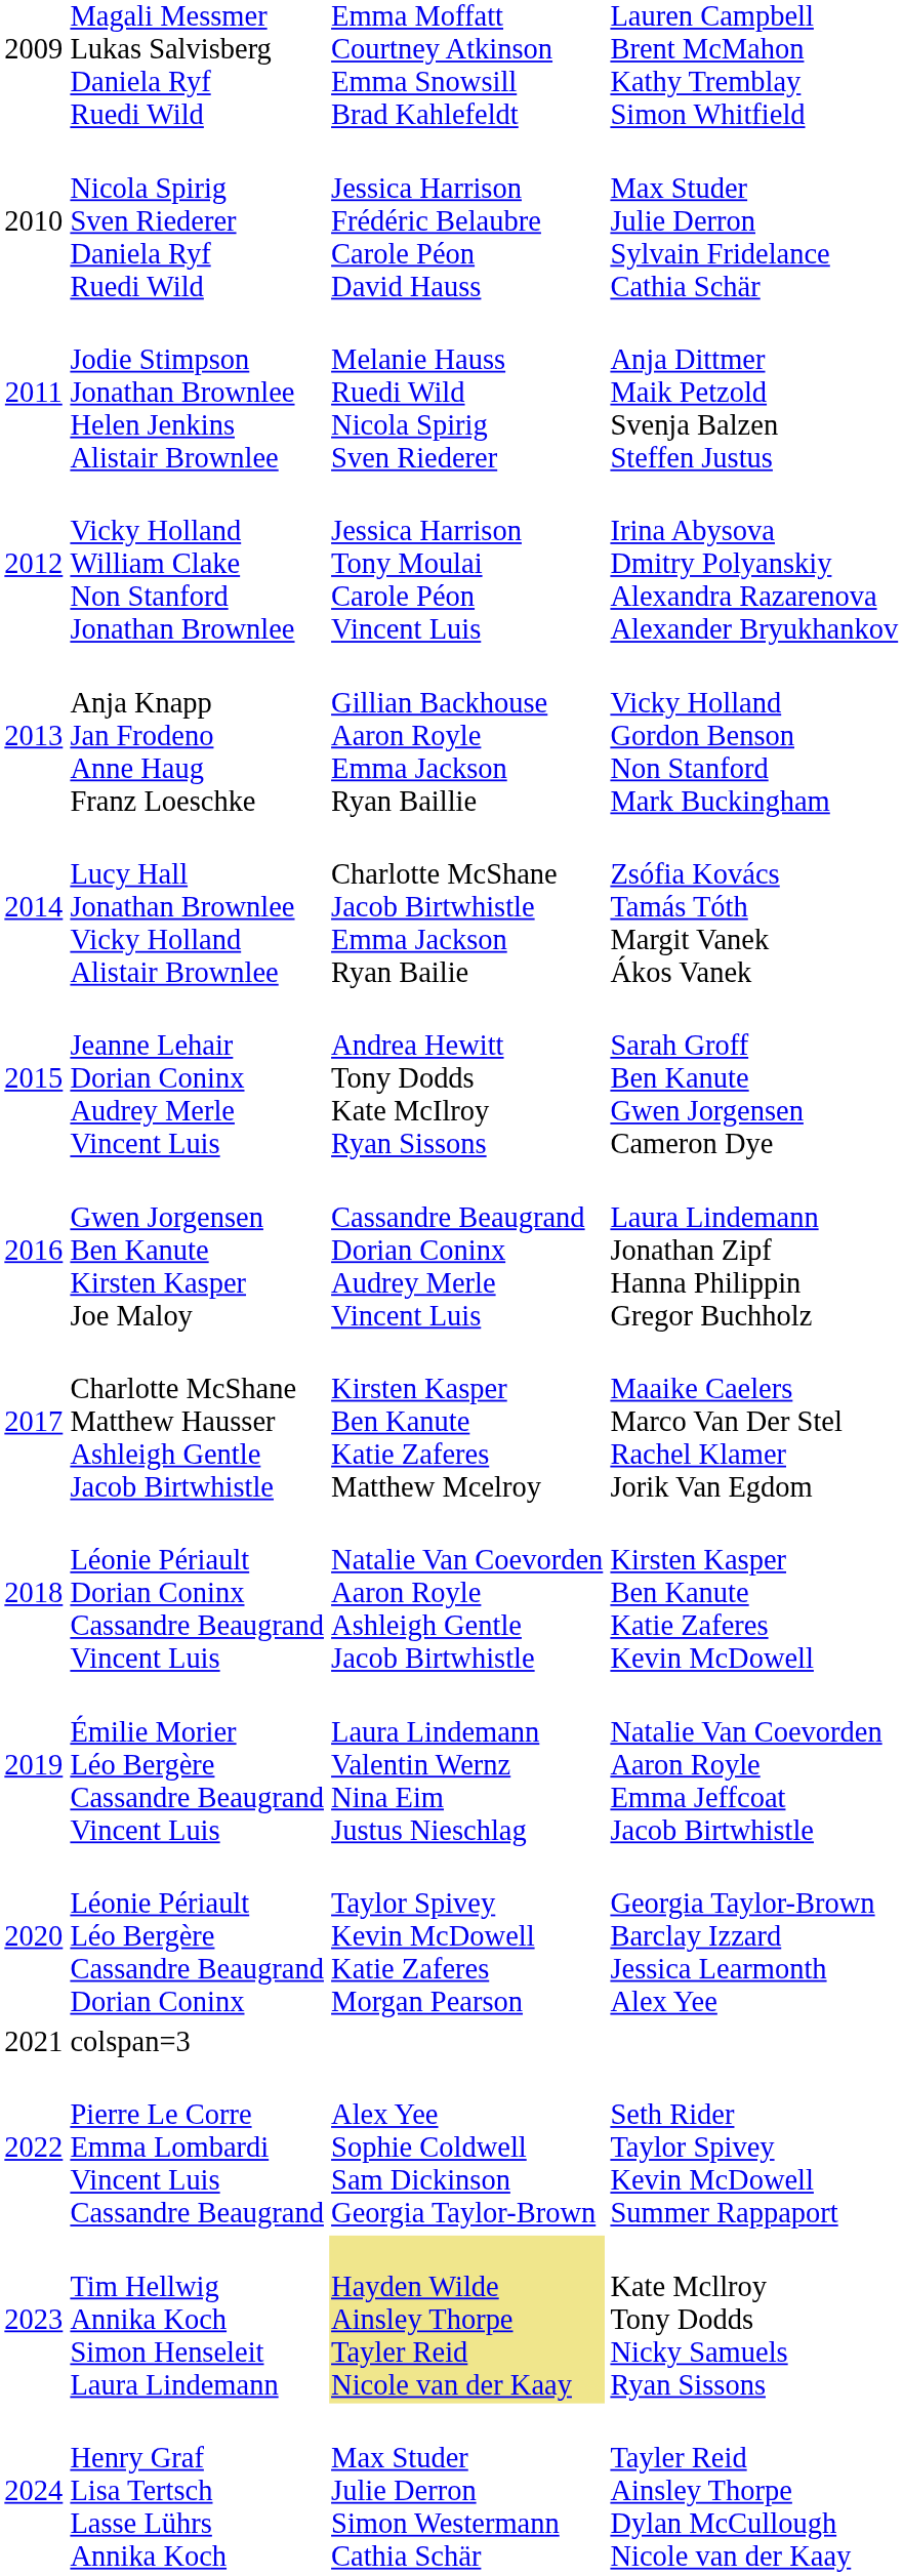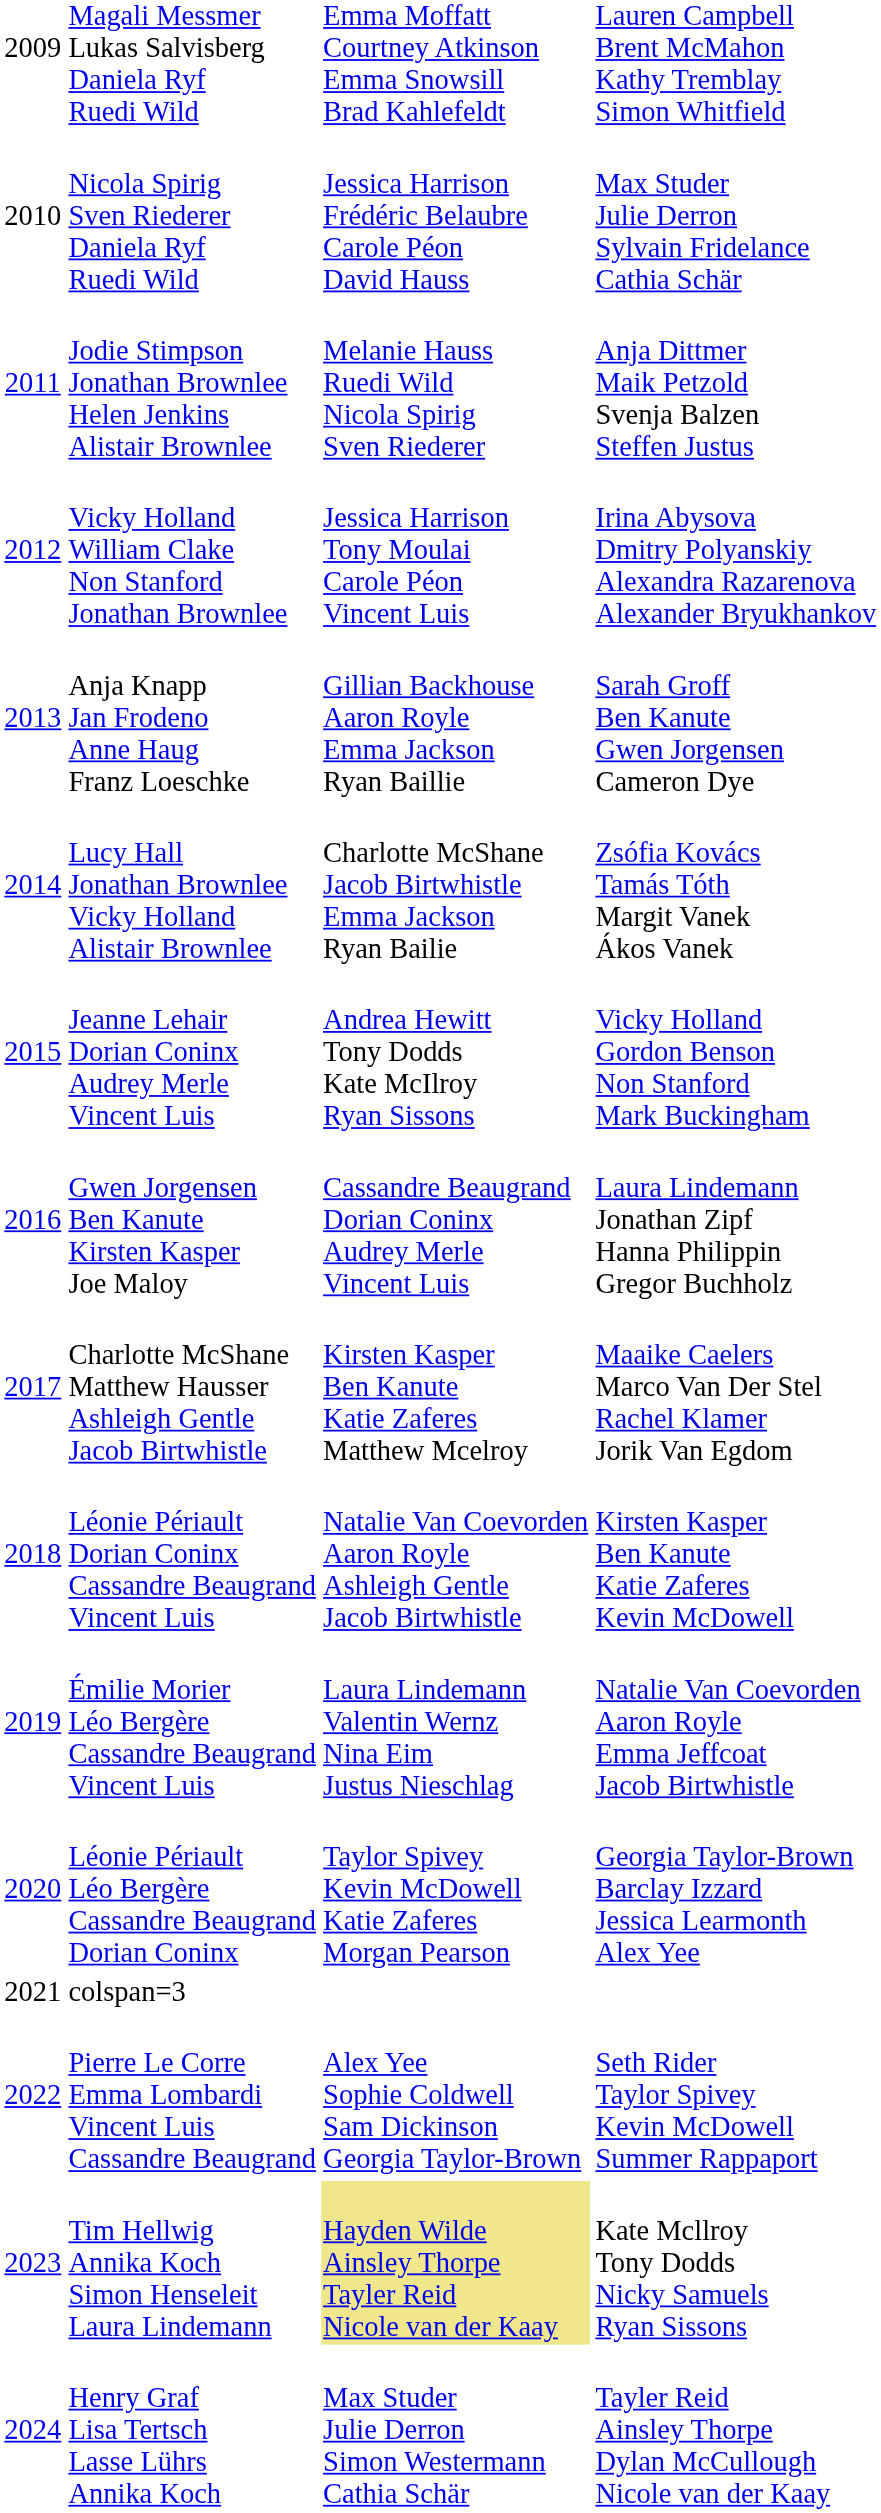 <table>
 <tr>
 <td align="center">2009</td>
 <td><br><a href='#'>Magali Messmer</a><br>  Lukas Salvisberg<br>  <a href='#'>Daniela Ryf</a><br>  <a href='#'>Ruedi Wild</a></td>
 <td><br><a href='#'>Emma Moffatt</a><br>  <a href='#'>Courtney Atkinson</a><br>  <a href='#'>Emma Snowsill</a><br>  <a href='#'>Brad Kahlefeldt</a></td>
 <td><br><a href='#'>Lauren Campbell</a><br>  <a href='#'>Brent McMahon</a><br>  <a href='#'>Kathy Tremblay</a><br>  <a href='#'>Simon Whitfield</a></td>
 </tr>
 <tr>
 <td align="center">2010</td>
 <td><br><a href='#'>Nicola Spirig</a><br>  <a href='#'>Sven Riederer</a><br>  <a href='#'>Daniela Ryf</a><br>  <a href='#'>Ruedi Wild</a></td>
 <td><br><a href='#'>Jessica Harrison</a><br>  <a href='#'>Frédéric Belaubre</a><br>  <a href='#'>Carole Péon</a><br>  <a href='#'>David Hauss</a></td>
 <td><br><a href='#'>Max Studer</a><br><a href='#'>Julie Derron</a> <br><a href='#'>Sylvain Fridelance</a><br><a href='#'>Cathia Schär</a></td>
 </tr>
 <tr>
 <td align="center"><a href='#'>2011</a></td>
 <td><br><a href='#'>Jodie Stimpson</a><br>  <a href='#'>Jonathan Brownlee</a><br>  <a href='#'>Helen Jenkins</a><br>  <a href='#'>Alistair Brownlee</a></td>
 <td><br><a href='#'>Melanie Hauss</a><br>  <a href='#'>Ruedi Wild</a><br>  <a href='#'>Nicola Spirig</a><br>  <a href='#'>Sven Riederer</a></td>
 <td><br><a href='#'>Anja Dittmer</a><br>  <a href='#'>Maik Petzold</a><br>  Svenja Balzen<br>  <a href='#'>Steffen Justus</a></td>
 </tr>
 <tr>
 <td align="center"><a href='#'>2012</a></td>
 <td><br><a href='#'>Vicky Holland</a><br>  <a href='#'>William Clake</a><br>  <a href='#'>Non Stanford</a><br>  <a href='#'>Jonathan Brownlee</a></td>
 <td><br><a href='#'>Jessica Harrison</a><br>  <a href='#'>Tony Moulai</a><br>  <a href='#'>Carole Péon</a><br>  <a href='#'>Vincent Luis</a></td>
 <td><br><a href='#'>Irina Abysova</a><br>  <a href='#'>Dmitry Polyanskiy</a><br>  <a href='#'>Alexandra Razarenova</a><br>  <a href='#'>Alexander Bryukhankov</a></td>
 </tr>
 <tr>
 <td align="center"><a href='#'>2013</a></td>
 <td><br>Anja Knapp<br>  <a href='#'>Jan Frodeno</a><br>  <a href='#'>Anne Haug</a><br>  Franz Loeschke</td>
 <td><br><a href='#'>Gillian Backhouse</a><br>  <a href='#'>Aaron Royle</a><br>  <a href='#'>Emma Jackson</a><br>  Ryan Baillie</td>
-<td><br><a href='#'>Vicky Holland</a><br>  <a href='#'>Gordon Benson</a><br>  <a href='#'>Non Stanford</a><br>  <a href='#'>Mark Buckingham</a></td>
+<td><br><a href='#'>Sarah Groff</a><br>  <a href='#'>Ben Kanute</a><br>  <a href='#'>Gwen Jorgensen</a><br>  Cameron Dye</td>
 </tr>
 <tr>
 <td align="center"><a href='#'>2014</a></td>
 <td><br><a href='#'>Lucy Hall</a><br>  <a href='#'>Jonathan Brownlee</a><br>  <a href='#'>Vicky Holland</a><br>  <a href='#'>Alistair Brownlee</a></td>
 <td><br>Charlotte McShane <br>   <a href='#'>Jacob Birtwhistle</a><br>   <a href='#'>Emma Jackson</a><br>   Ryan Bailie</td>
 <td><br><a href='#'>Zsófia Kovács</a><br>  <a href='#'>Tamás Tóth</a><br>  Margit Vanek<br>  Ákos Vanek</td>
 </tr>
 <tr>
 <td align="center"><a href='#'>2015</a></td>
 <td><br><a href='#'>Jeanne Lehair</a><br>  <a href='#'>Dorian Coninx</a><br>  <a href='#'>Audrey Merle</a><br>  <a href='#'>Vincent Luis</a></td>
 <td><br><a href='#'>Andrea Hewitt</a><br>  Tony Dodds<br>  Kate McIlroy<br>  <a href='#'>Ryan Sissons</a></td>
-<td><br><a href='#'>Sarah Groff</a><br>  <a href='#'>Ben Kanute</a><br>  <a href='#'>Gwen Jorgensen</a><br>  Cameron Dye</td>
+<td><br><a href='#'>Vicky Holland</a><br>  <a href='#'>Gordon Benson</a><br>  <a href='#'>Non Stanford</a><br>  <a href='#'>Mark Buckingham</a></td>
 </tr>
 <tr>
 <td align="center"><a href='#'>2016</a></td>
 <td><br><a href='#'>Gwen Jorgensen</a><br>   <a href='#'>Ben Kanute</a><br>  <a href='#'>Kirsten Kasper</a><br>   Joe Maloy</td>
 <td><br><a href='#'>Cassandre Beaugrand</a><br>  <a href='#'>Dorian Coninx</a><br>  <a href='#'>Audrey Merle</a><br>  <a href='#'>Vincent Luis</a></td>
 <td><br><a href='#'>Laura Lindemann</a> <br>  Jonathan Zipf <br>  Hanna Philippin <br>  Gregor Buchholz</td>
 </tr>
 <tr>
 <td align="center"><a href='#'>2017</a></td>
 <td><br>Charlotte McShane <br>   Matthew Hausser<br>   <a href='#'>Ashleigh Gentle</a><br>   <a href='#'>Jacob Birtwhistle</a></td>
 <td><br><a href='#'>Kirsten Kasper</a><br>   <a href='#'>Ben Kanute</a><br>  <a href='#'>Katie Zaferes</a><br>   Matthew Mcelroy</td>
 <td><br><a href='#'>Maaike Caelers</a> <br>  Marco Van Der Stel<br>  <a href='#'>Rachel Klamer</a><br>  Jorik Van Egdom</td>
 </tr>
 <tr>
 <td align="center"><a href='#'>2018</a></td>
 <td><br><a href='#'>Léonie Périault</a><br>  <a href='#'>Dorian Coninx</a><br>  <a href='#'>Cassandre Beaugrand</a><br>  <a href='#'>Vincent Luis</a></td>
 <td><br><a href='#'>Natalie Van Coevorden</a> <br>  <a href='#'>Aaron Royle</a><br>   <a href='#'>Ashleigh Gentle</a><br>   <a href='#'>Jacob Birtwhistle</a></td>
 <td><br><a href='#'>Kirsten Kasper</a><br>   <a href='#'>Ben Kanute</a><br>  <a href='#'>Katie Zaferes</a><br>   <a href='#'>Kevin McDowell</a></td>
 </tr>
 <tr>
 <td align="center"><a href='#'>2019</a></td>
 <td><br><a href='#'>Émilie Morier</a><br><a href='#'>Léo Bergère</a><br><a href='#'>Cassandre Beaugrand</a><br><a href='#'>Vincent Luis</a></td>
 <td><br><a href='#'>Laura Lindemann</a> <br><a href='#'>Valentin Wernz</a><br><a href='#'>Nina Eim</a><br><a href='#'>Justus Nieschlag</a></td>
 <td><br><a href='#'>Natalie Van Coevorden</a><br><a href='#'>Aaron Royle</a><br><a href='#'>Emma Jeffcoat</a><br><a href='#'>Jacob Birtwhistle</a></td>
 </tr>
 <tr>
 <td align="center"><a href='#'>2020</a></td>
 <td><br><a href='#'>Léonie Périault</a><br><a href='#'>Léo Bergère</a><br><a href='#'>Cassandre Beaugrand</a><br><a href='#'>Dorian Coninx</a></td>
 <td><br><a href='#'>Taylor Spivey</a> <br><a href='#'>Kevin McDowell</a><br><a href='#'>Katie Zaferes</a><br><a href='#'>Morgan Pearson</a></td>
 <td><br><a href='#'>Georgia Taylor-Brown</a><br><a href='#'>Barclay Izzard</a><br><a href='#'>Jessica Learmonth</a><br><a href='#'>Alex Yee</a></td>
 </tr>
 <tr>
 <td align="center">2021</td>
 <td>colspan=3 </td>
 </tr>
 <tr>
 <td align="center"><a href='#'>2022</a></td>
 <td><br><a href='#'>Pierre Le Corre</a><br><a href='#'>Emma Lombardi</a><br><a href='#'>Vincent Luis</a><br><a href='#'>Cassandre Beaugrand</a></td>
 <td><br><a href='#'>Alex Yee</a><br><a href='#'>Sophie Coldwell</a><br><a href='#'>Sam Dickinson</a><br><a href='#'>Georgia Taylor-Brown</a></td>
 <td><br><a href='#'>Seth Rider</a><br><a href='#'>Taylor Spivey</a> <br><a href='#'>Kevin McDowell</a><br><a href='#'>Summer Rappaport</a></td>
 </tr>
 <tr>
 <td align="center"><a href='#'>2023</a></td>
 <td><br><a href='#'>Tim Hellwig</a><br><a href='#'>Annika Koch</a><br><a href='#'>Simon Henseleit</a><br><a href='#'>Laura Lindemann</a></td>
 <td style="background: khaki;"><br><a href='#'>Hayden Wilde</a><br><a href='#'>Ainsley Thorpe</a><br><a href='#'>Tayler Reid</a><br><a href='#'>Nicole van der Kaay</a></td>
 <td><br>Kate Mcllroy<br>  Tony Dodds<br>  <a href='#'>Nicky Samuels</a><br>  <a href='#'>Ryan Sissons</a></td>
 </tr>
 <tr>
 <td align="center"><a href='#'>2024</a></td>
 <td><br><a href='#'>Henry Graf</a><br><a href='#'>Lisa Tertsch</a><br><a href='#'>Lasse Lührs</a><br><a href='#'>Annika Koch</a></td>
 <td><br><a href='#'>Max Studer</a><br><a href='#'>Julie Derron</a><br><a href='#'>Simon Westermann</a><br><a href='#'>Cathia Schär</a></td>
 <td><br><a href='#'>Tayler Reid</a><br><a href='#'>Ainsley Thorpe</a> <br><a href='#'>Dylan McCullough</a><br><a href='#'>Nicole van der Kaay</a></td>
 </tr>
 </table>
